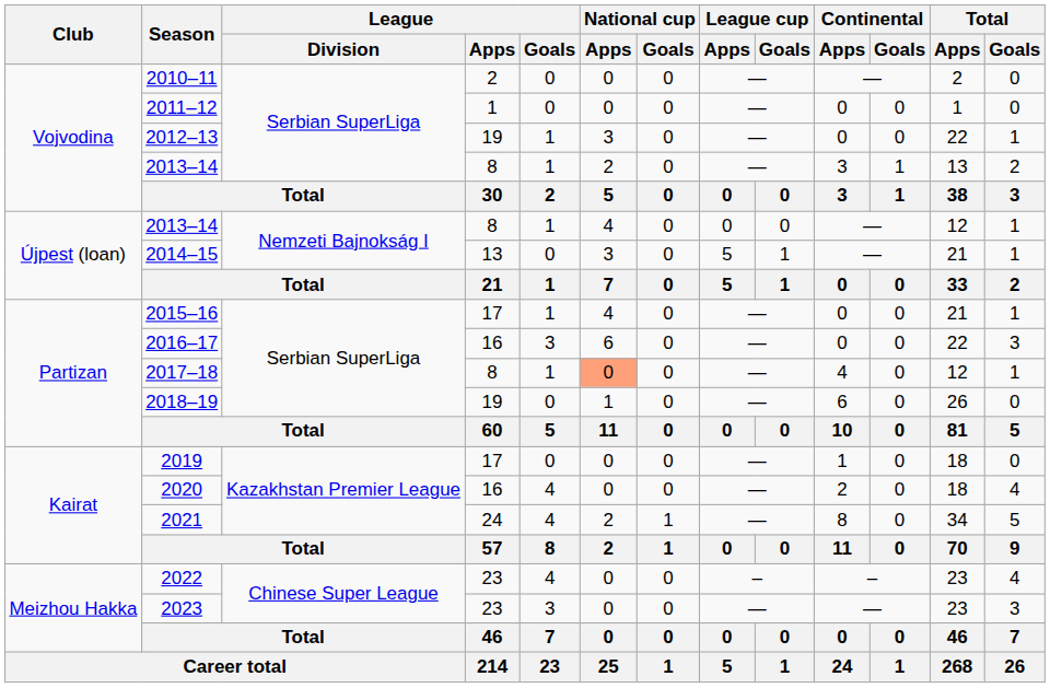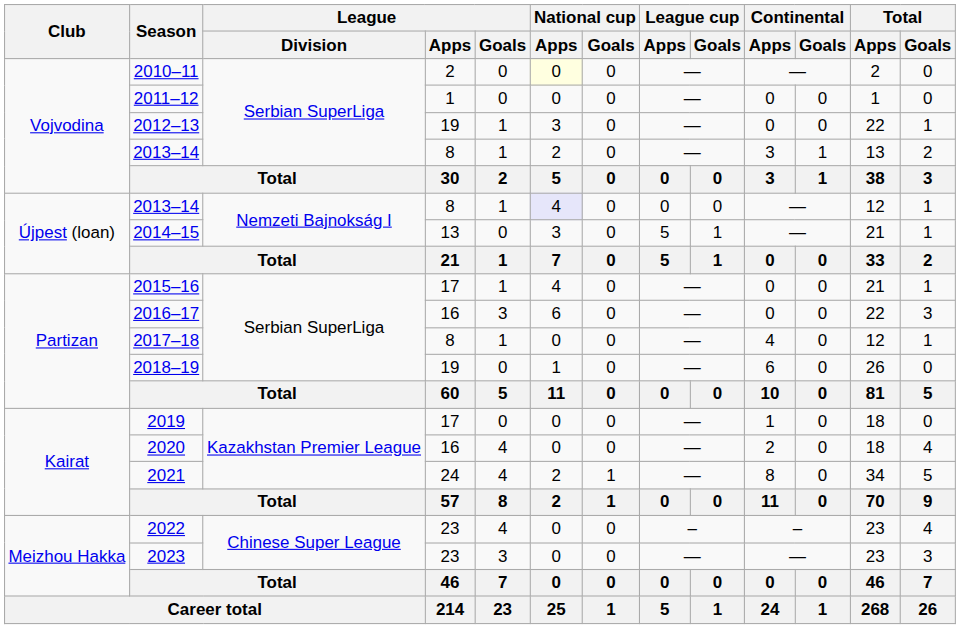 <table class="wikitable" style="text-align:center">
 <tr>
 <th rowspan="2">Club</th>
 <th rowspan="2">Season</th>
 <th colspan="3">League</th>
 <th colspan="2">National cup</th>
 <th colspan="2">League cup</th>
 <th colspan="2">Continental</th>
 <th colspan="2">Total</th>
 </tr>
 <tr>
 <th>Division</th>
 <th>Apps</th>
 <th>Goals</th>
 <th>Apps</th>
 <th>Goals</th>
 <th>Apps</th>
 <th>Goals</th>
 <th>Apps</th>
 <th>Goals</th>
 <th>Apps</th>
 <th>Goals</th>
 </tr>
 <tr>
 <td rowspan="5"><a href='#'>Vojvodina</a></td>
 <td><a href='#'>2010–11</a></td>
 <td rowspan="4"><a href='#'>Serbian SuperLiga</a></td>
 <td>2</td>
 <td>0</td>
-<td>0</td>
+<td style="background: lightyellow;">0</td>
 <td>0</td>
 <td colspan="2">—</td>
 <td colspan="2">—</td>
 <td>2</td>
 <td>0</td>
 </tr>
 <tr>
 <td><a href='#'>2011–12</a></td>
 <td>1</td>
 <td>0</td>
 <td>0</td>
 <td>0</td>
 <td colspan="2">—</td>
 <td>0</td>
 <td>0</td>
 <td>1</td>
 <td>0</td>
 </tr>
 <tr>
 <td><a href='#'>2012–13</a></td>
 <td>19</td>
 <td>1</td>
 <td>3</td>
 <td>0</td>
 <td colspan="2">—</td>
 <td>0</td>
 <td>0</td>
 <td>22</td>
 <td>1</td>
 </tr>
 <tr>
 <td><a href='#'>2013–14</a></td>
 <td>8</td>
 <td>1</td>
 <td>2</td>
 <td>0</td>
 <td colspan="2">—</td>
 <td>3</td>
 <td>1</td>
 <td>13</td>
 <td>2</td>
 </tr>
 <tr>
 <th colspan="2">Total</th>
 <th>30</th>
 <th>2</th>
 <th>5</th>
 <th>0</th>
 <th>0</th>
 <th>0</th>
 <th>3</th>
 <th>1</th>
 <th>38</th>
 <th>3</th>
 </tr>
 <tr>
 <td rowspan="3"><a href='#'>Újpest</a> (loan)</td>
 <td><a href='#'>2013–14</a></td>
 <td rowspan="2"><a href='#'>Nemzeti Bajnokság I</a></td>
 <td>8</td>
 <td>1</td>
-<td>4</td>
+<td style="background: lavender;">4</td>
 <td>0</td>
 <td>0</td>
 <td>0</td>
 <td colspan="2">—</td>
 <td>12</td>
 <td>1</td>
 </tr>
 <tr>
 <td><a href='#'>2014–15</a></td>
 <td>13</td>
 <td>0</td>
 <td>3</td>
 <td>0</td>
 <td>5</td>
 <td>1</td>
 <td colspan="2">—</td>
 <td>21</td>
 <td>1</td>
 </tr>
 <tr>
 <th colspan="2">Total</th>
 <th>21</th>
 <th>1</th>
 <th>7</th>
 <th>0</th>
 <th>5</th>
 <th>1</th>
 <th>0</th>
 <th>0</th>
 <th>33</th>
 <th>2</th>
 </tr>
 <tr>
 <td rowspan="5"><a href='#'>Partizan</a></td>
 <td><a href='#'>2015–16</a></td>
 <td rowspan="4">Serbian SuperLiga</td>
 <td>17</td>
 <td>1</td>
 <td>4</td>
 <td>0</td>
 <td colspan="2">—</td>
 <td>0</td>
 <td>0</td>
 <td>21</td>
 <td>1</td>
 </tr>
 <tr>
 <td><a href='#'>2016–17</a></td>
 <td>16</td>
 <td>3</td>
 <td>6</td>
 <td>0</td>
 <td colspan="2">—</td>
 <td>0</td>
 <td>0</td>
 <td>22</td>
 <td>3</td>
 </tr>
 <tr>
 <td><a href='#'>2017–18</a></td>
 <td>8</td>
 <td>1</td>
-<td style="background: lightsalmon;">0</td>
+<td>0</td>
 <td>0</td>
 <td colspan="2">—</td>
 <td>4</td>
 <td>0</td>
 <td>12</td>
 <td>1</td>
 </tr>
 <tr>
 <td><a href='#'>2018–19</a></td>
 <td>19</td>
 <td>0</td>
 <td>1</td>
 <td>0</td>
 <td colspan="2">—</td>
 <td>6</td>
 <td>0</td>
 <td>26</td>
 <td>0</td>
 </tr>
 <tr>
 <th colspan="2">Total</th>
 <th>60</th>
 <th>5</th>
 <th>11</th>
 <th>0</th>
 <th>0</th>
 <th>0</th>
 <th>10</th>
 <th>0</th>
 <th>81</th>
 <th>5</th>
 </tr>
 <tr>
 <td rowspan="4"><a href='#'>Kairat</a></td>
 <td><a href='#'>2019</a></td>
 <td rowspan="3"><a href='#'>Kazakhstan Premier League</a></td>
 <td>17</td>
 <td>0</td>
 <td>0</td>
 <td>0</td>
 <td colspan="2">—</td>
 <td>1</td>
 <td>0</td>
 <td>18</td>
 <td>0</td>
 </tr>
 <tr>
 <td><a href='#'>2020</a></td>
 <td>16</td>
 <td>4</td>
 <td>0</td>
 <td>0</td>
 <td colspan="2">—</td>
 <td>2</td>
 <td>0</td>
 <td>18</td>
 <td>4</td>
 </tr>
 <tr>
 <td><a href='#'>2021</a></td>
 <td>24</td>
 <td>4</td>
 <td>2</td>
 <td>1</td>
 <td colspan="2">—</td>
 <td>8</td>
 <td>0</td>
 <td>34</td>
 <td>5</td>
 </tr>
 <tr>
 <th colspan="2">Total</th>
 <th>57</th>
 <th>8</th>
 <th>2</th>
 <th>1</th>
 <th>0</th>
 <th>0</th>
 <th>11</th>
 <th>0</th>
 <th>70</th>
 <th>9</th>
 </tr>
 <tr>
 <td rowspan="3"><a href='#'>Meizhou Hakka</a></td>
 <td><a href='#'>2022</a></td>
 <td rowspan="2"><a href='#'>Chinese Super League</a></td>
 <td>23</td>
 <td>4</td>
 <td>0</td>
 <td>0</td>
 <td colspan="2">–</td>
 <td colspan="2">–</td>
 <td>23</td>
 <td>4</td>
 </tr>
 <tr>
 <td><a href='#'>2023</a></td>
 <td>23</td>
 <td>3</td>
 <td>0</td>
 <td>0</td>
 <td colspan="2">—</td>
 <td colspan="2">—</td>
 <td>23</td>
 <td>3</td>
 </tr>
 <tr>
 <th colspan="2">Total</th>
 <th>46</th>
 <th>7</th>
 <th>0</th>
 <th>0</th>
 <th>0</th>
 <th>0</th>
 <th>0</th>
 <th>0</th>
 <th>46</th>
 <th>7</th>
 </tr>
 <tr>
 <th colspan="3">Career total</th>
 <th>214</th>
 <th>23</th>
 <th>25</th>
 <th>1</th>
 <th>5</th>
 <th>1</th>
 <th>24</th>
 <th>1</th>
 <th>268</th>
 <th>26</th>
 </tr>
 </table>
